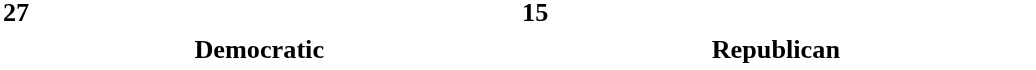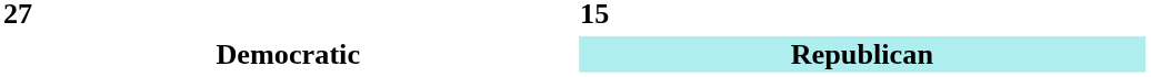 <table style="width:50%">
 <tr>
 <td scope="row" colspan="3" style="text-align:center"></td>
 </tr>
 <tr>
 <td scope="row" style="background:"><strong>27</strong></td>
 <td style="background:"><strong>15</strong></td>
 </tr>
 <tr>
 <td scope="row" style="text-align:center; color:"><strong>Democratic</strong></td>
-<td style="text-align:center; color:"><strong>Republican</strong></td>
+<td style="background: paleturquoise; text-align:center; color:"><strong>Republican</strong></td>
 </tr>
 </table>
